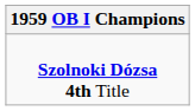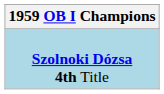 <table class="wikitable" style="text-align: center; margin: 0 auto;">
 <tr>
 <th>1959 <a href='#'>OB I</a> Champions</th>
 </tr>
 <tr>
-<td><br><strong><a href='#'>Szolnoki Dózsa</a></strong><br><strong>4th</strong> Title</td>
+<td style="background: lightblue;"><br><strong><a href='#'>Szolnoki Dózsa</a></strong><br><strong>4th</strong> Title</td>
 </tr>
 </table>
